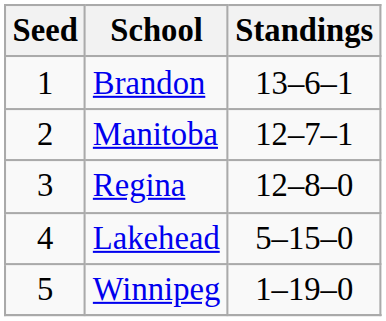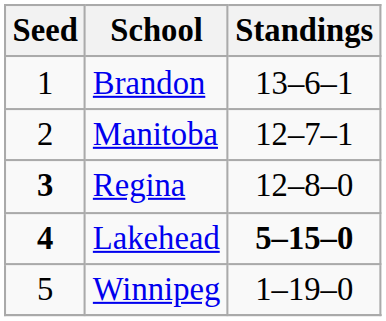 <table class="wikitable">
 <tr>
 <th>Seed</th>
 <th>School</th>
 <th>Standings</th>
 </tr>
 <tr>
 <td align=center>1</td>
 <td><a href='#'>Brandon</a></td>
 <td align=center>13–6–1</td>
 </tr>
 <tr>
 <td align=center>2</td>
 <td><a href='#'>Manitoba</a></td>
 <td align=center>12–7–1</td>
 </tr>
 <tr>
-<td align=center>3</td>
+<td align=center><strong>3</strong></td>
 <td><a href='#'>Regina</a></td>
 <td align=center>12–8–0</td>
 </tr>
 <tr>
-<td align=center>4</td>
+<td align=center><strong>4</strong></td>
 <td><a href='#'>Lakehead</a></td>
-<td align=center>5–15–0</td>
+<td align=center><strong>5–15–0</strong></td>
 </tr>
 <tr>
 <td align=center>5</td>
 <td><a href='#'>Winnipeg</a></td>
 <td align=center>1–19–0</td>
 </tr>
 <tr>
 </tr>
 </table>
